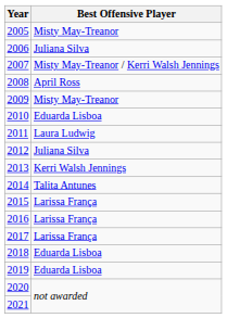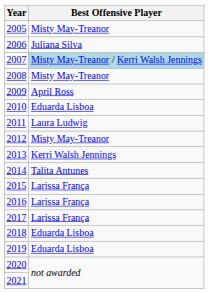 <table class="wikitable sortable" style="display:inline-table;">
 <tr>
 <th>Year</th>
 <th>Best Offensive Player</th>
 </tr>
 <tr>
 <td><a href='#'>2005</a></td>
 <td> <a href='#'>Misty May-Treanor</a> </td>
 </tr>
 <tr>
 <td><a href='#'>2006</a></td>
 <td> <a href='#'>Juliana Silva</a> </td>
 </tr>
 <tr>
 <td><a href='#'>2007</a></td>
-<td> <a href='#'>Misty May-Treanor</a>  /  <a href='#'>Kerri Walsh Jennings</a> </td>
+<td style="background: lightblue;"> <a href='#'>Misty May-Treanor</a>  /  <a href='#'>Kerri Walsh Jennings</a> </td>
 </tr>
 <tr>
 <td><a href='#'>2008</a></td>
-<td> <a href='#'>April Ross</a></td>
+<td> <a href='#'>Misty May-Treanor</a> </td>
 </tr>
 <tr>
 <td><a href='#'>2009</a></td>
-<td> <a href='#'>Misty May-Treanor</a> </td>
+<td> <a href='#'>April Ross</a></td>
 </tr>
 <tr>
 <td><a href='#'>2010</a></td>
 <td> <a href='#'>Eduarda Lisboa</a> </td>
 </tr>
 <tr>
 <td><a href='#'>2011</a></td>
 <td> <a href='#'>Laura Ludwig</a></td>
 </tr>
 <tr>
 <td><a href='#'>2012</a></td>
-<td> <a href='#'>Juliana Silva</a> </td>
+<td> <a href='#'>Misty May-Treanor</a> </td>
 </tr>
 <tr>
 <td><a href='#'>2013</a></td>
 <td> <a href='#'>Kerri Walsh Jennings</a> </td>
 </tr>
 <tr>
 <td><a href='#'>2014</a></td>
 <td> <a href='#'>Talita Antunes</a></td>
 </tr>
 <tr>
 <td><a href='#'>2015</a></td>
 <td> <a href='#'>Larissa França</a></td>
 </tr>
 <tr>
 <td><a href='#'>2016</a></td>
 <td> <a href='#'>Larissa França</a></td>
 </tr>
 <tr>
 <td><a href='#'>2017</a></td>
 <td> <a href='#'>Larissa França</a></td>
 </tr>
 <tr>
 <td><a href='#'>2018</a></td>
 <td> <a href='#'>Eduarda Lisboa</a> </td>
 </tr>
 <tr>
 <td><a href='#'>2019</a></td>
 <td> <a href='#'>Eduarda Lisboa</a> </td>
 </tr>
 <tr>
 <td><a href='#'>2020</a></td>
 <td rowspan=2><em>not awarded</em></td>
 </tr>
 <tr>
 <td><a href='#'>2021</a></td>
 </tr>
 </table>
